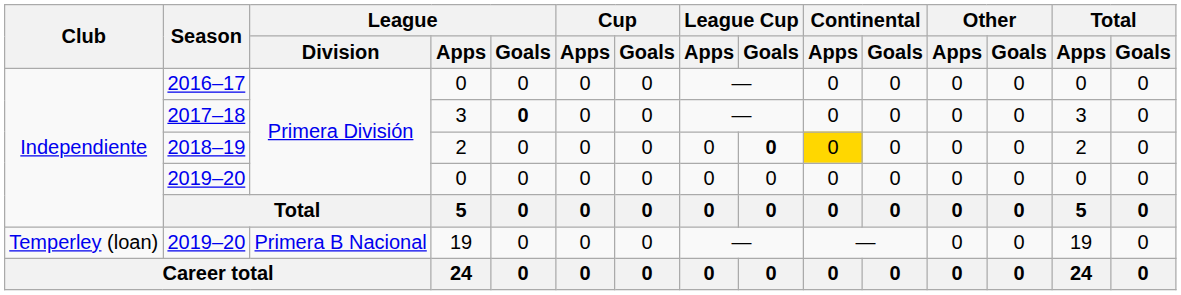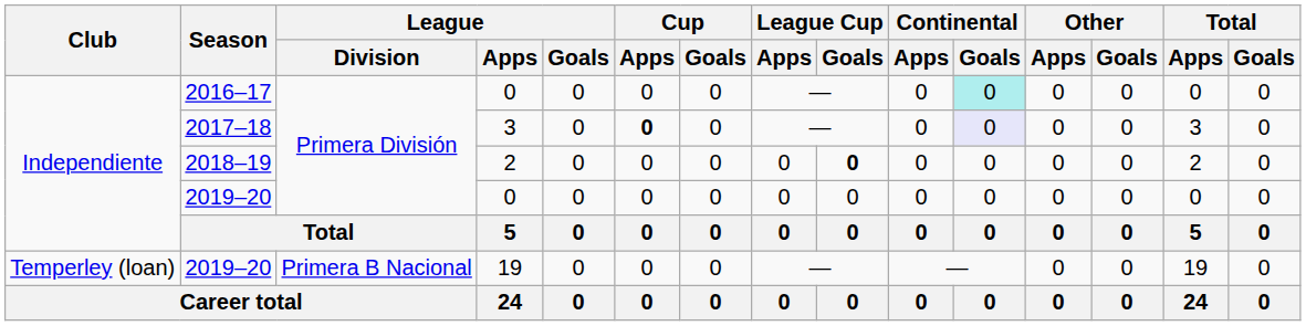 <table class="wikitable" style="text-align:center">
 <tr>
 <th rowspan="2">Club</th>
 <th rowspan="2">Season</th>
 <th colspan="3">League</th>
 <th colspan="2">Cup</th>
 <th colspan="2">League Cup</th>
 <th colspan="2">Continental</th>
 <th colspan="2">Other</th>
 <th colspan="2">Total</th>
 </tr>
 <tr>
 <th>Division</th>
 <th>Apps</th>
 <th>Goals</th>
 <th>Apps</th>
 <th>Goals</th>
 <th>Apps</th>
 <th>Goals</th>
 <th>Apps</th>
 <th>Goals</th>
 <th>Apps</th>
 <th>Goals</th>
 <th>Apps</th>
 <th>Goals</th>
 </tr>
 <tr>
 <td rowspan="5"><a href='#'>Independiente</a></td>
 <td><a href='#'>2016–17</a></td>
 <td rowspan="4"><a href='#'>Primera División</a></td>
 <td>0</td>
 <td>0</td>
 <td>0</td>
 <td>0</td>
 <td colspan="2">—</td>
 <td>0</td>
-<td>0</td>
+<td style="background: paleturquoise;">0</td>
 <td>0</td>
 <td>0</td>
 <td>0</td>
 <td>0</td>
 </tr>
 <tr>
 <td><a href='#'>2017–18</a></td>
 <td>3</td>
+<td>0</td>
 <td><strong>0</strong></td>
-<td>0</td>
 <td>0</td>
 <td colspan="2">—</td>
 <td>0</td>
-<td>0</td>
+<td style="background: lavender;">0</td>
 <td>0</td>
 <td>0</td>
 <td>3</td>
 <td>0</td>
 </tr>
 <tr>
 <td><a href='#'>2018–19</a></td>
 <td>2</td>
 <td>0</td>
 <td>0</td>
 <td>0</td>
 <td>0</td>
 <td><strong>0</strong></td>
-<td style="background: gold;">0</td>
+<td>0</td>
 <td>0</td>
 <td>0</td>
 <td>0</td>
 <td>2</td>
 <td>0</td>
 </tr>
 <tr>
 <td><a href='#'>2019–20</a></td>
 <td>0</td>
 <td>0</td>
 <td>0</td>
 <td>0</td>
 <td>0</td>
 <td>0</td>
 <td>0</td>
 <td>0</td>
 <td>0</td>
 <td>0</td>
 <td>0</td>
 <td>0</td>
 </tr>
 <tr>
 <th colspan="2">Total</th>
 <th>5</th>
 <th>0</th>
 <th>0</th>
 <th>0</th>
 <th>0</th>
 <th>0</th>
 <th>0</th>
 <th>0</th>
 <th>0</th>
 <th>0</th>
 <th>5</th>
 <th>0</th>
 </tr>
 <tr>
 <td rowspan="1"><a href='#'>Temperley</a> (loan)</td>
 <td><a href='#'>2019–20</a></td>
 <td rowspan="1"><a href='#'>Primera B Nacional</a></td>
 <td>19</td>
 <td>0</td>
 <td>0</td>
 <td>0</td>
 <td colspan="2">—</td>
 <td colspan="2">—</td>
 <td>0</td>
 <td>0</td>
 <td>19</td>
 <td>0</td>
 </tr>
 <tr>
 <th colspan="3">Career total</th>
 <th>24</th>
 <th>0</th>
 <th>0</th>
 <th>0</th>
 <th>0</th>
 <th>0</th>
 <th>0</th>
 <th>0</th>
 <th>0</th>
 <th>0</th>
 <th>24</th>
 <th>0</th>
 </tr>
 </table>
